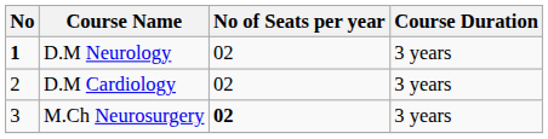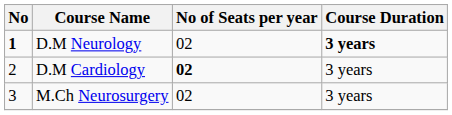 <table class="wikitable sortable">
 <tr style="text-align:center; background:#f0f0f0;">
 <th>No</th>
 <th>Course Name</th>
 <th>No of Seats per year</th>
 <th>Course Duration</th>
 </tr>
 <tr>
 <td><strong>1</strong></td>
 <td>D.M <a href='#'>Neurology</a></td>
 <td>02</td>
-<td>3 years</td>
+<td><strong>3 years</strong></td>
 </tr>
 <tr>
 <td>2</td>
 <td>D.M <a href='#'>Cardiology</a></td>
-<td>02</td>
+<td><strong>02</strong></td>
 <td>3 years</td>
 </tr>
 <tr>
 <td>3</td>
 <td>M.Ch <a href='#'>Neurosurgery</a></td>
-<td><strong>02</strong></td>
+<td>02</td>
 <td>3 years</td>
 </tr>
 <tr>
 </tr>
 </table>
